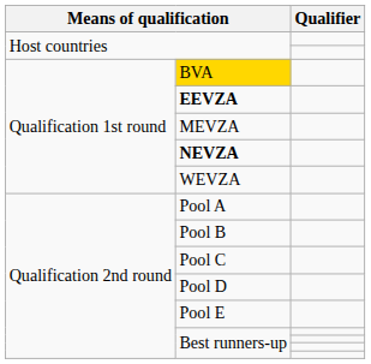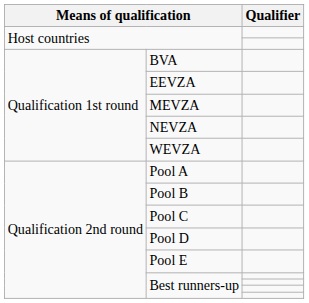 <table class="wikitable">
 <tr>
 <th colspan=2>Means of qualification</th>
 <th>Qualifier</th>
 </tr>
 <tr>
 <td colspan=2 rowspan=2>Host countries</td>
 <td></td>
 </tr>
 <tr>
 <td></td>
 </tr>
 <tr>
 <td rowspan=5>Qualification 1st round</td>
-<td style="background: gold;">BVA</td>
+<td>BVA</td>
 <td></td>
 </tr>
 <tr>
-<td><strong>EEVZA</strong></td>
+<td>EEVZA</td>
 <td></td>
 </tr>
 <tr>
 <td>MEVZA</td>
 <td></td>
 </tr>
 <tr>
-<td><strong>NEVZA</strong></td>
+<td>NEVZA</td>
 <td></td>
 </tr>
 <tr>
 <td>WEVZA</td>
 <td></td>
 </tr>
 <tr>
 <td rowspan=9>Qualification 2nd round</td>
 <td>Pool A</td>
 <td></td>
 </tr>
 <tr>
 <td>Pool B</td>
 <td></td>
 </tr>
 <tr>
 <td>Pool C</td>
 <td></td>
 </tr>
 <tr>
 <td>Pool D</td>
 <td></td>
 </tr>
 <tr>
 <td>Pool E</td>
 <td></td>
 </tr>
 <tr>
 <td rowspan=4>Best runners-up</td>
 <td></td>
 </tr>
 <tr>
 <td></td>
 </tr>
 <tr>
 <td></td>
 </tr>
 <tr>
 <td></td>
 </tr>
 </table>
